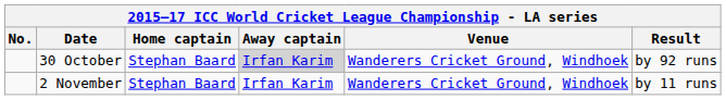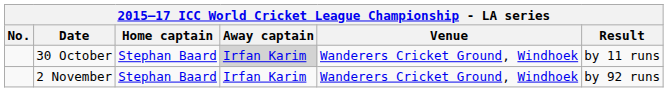 <table class="wikitable">
 <tr>
 <th colspan="9"><a href='#'>2015–17 ICC World Cricket League Championship</a> - LA series</th>
 </tr>
 <tr>
 <th>No.</th>
 <th>Date</th>
 <th>Home captain</th>
 <th>Away captain</th>
 <th>Venue</th>
 <th>Result</th>
 </tr>
 <tr>
 <td></td>
 <td>30 October</td>
 <td><a href='#'>Stephan Baard</a></td>
 <td style="background: lightgrey;"><a href='#'>Irfan Karim</a></td>
 <td><a href='#'>Wanderers Cricket Ground</a>, <a href='#'>Windhoek</a></td>
-<td> by 92 runs</td>
+<td> by 11 runs</td>
 </tr>
 <tr>
 <td></td>
 <td>2 November</td>
 <td><a href='#'>Stephan Baard</a></td>
 <td><a href='#'>Irfan Karim</a></td>
 <td><a href='#'>Wanderers Cricket Ground</a>, <a href='#'>Windhoek</a></td>
-<td> by 11 runs</td>
+<td> by 92 runs</td>
 </tr>
 </table>
